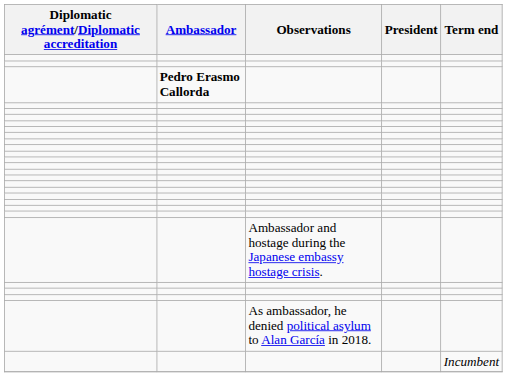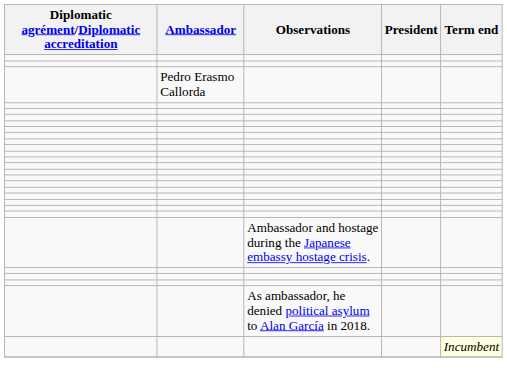 <table class="wikitable sortable">
 <tr>
 <th>Diplomatic <a href='#'>agrément</a>/<a href='#'>Diplomatic accreditation</a></th>
 <th><a href='#'>Ambassador</a></th>
 <th>Observations</th>
 <th>President</th>
 <th>Term end</th>
 </tr>
 <tr>
 <td></td>
 <td></td>
 <td></td>
 <td></td>
 <td></td>
 </tr>
 <tr>
 <td></td>
 <td></td>
 <td></td>
 <td></td>
 <td></td>
 </tr>
 <tr>
 <td></td>
-<td><strong>Pedro Erasmo Callorda</strong></td>
+<td>Pedro Erasmo Callorda</td>
 <td></td>
 <td></td>
 <td></td>
 </tr>
 <tr>
 <td></td>
 <td></td>
 <td></td>
 <td></td>
 <td></td>
 </tr>
 <tr>
 <td></td>
 <td></td>
 <td></td>
 <td></td>
 <td></td>
 </tr>
 <tr>
 <td></td>
 <td></td>
 <td></td>
 <td></td>
 <td></td>
 </tr>
 <tr>
 <td></td>
 <td></td>
 <td></td>
 <td></td>
 <td></td>
 </tr>
 <tr>
 <td></td>
 <td></td>
 <td></td>
 <td></td>
 <td></td>
 </tr>
 <tr>
 <td></td>
 <td></td>
 <td></td>
 <td></td>
 <td></td>
 </tr>
 <tr>
 <td></td>
 <td></td>
 <td></td>
 <td></td>
 <td></td>
 </tr>
 <tr>
 <td></td>
 <td></td>
 <td></td>
 <td></td>
 <td></td>
 </tr>
 <tr>
 <td></td>
 <td></td>
 <td></td>
 <td></td>
 <td></td>
 </tr>
 <tr>
 <td></td>
 <td></td>
 <td></td>
 <td></td>
 <td></td>
 </tr>
 <tr>
 <td></td>
 <td></td>
 <td></td>
 <td></td>
 <td></td>
 </tr>
 <tr>
 <td></td>
 <td></td>
 <td></td>
 <td></td>
 <td></td>
 </tr>
 <tr>
 <td></td>
 <td></td>
 <td></td>
 <td></td>
 <td></td>
 </tr>
 <tr>
 <td></td>
 <td></td>
 <td></td>
 <td></td>
 <td></td>
 </tr>
 <tr>
 <td></td>
 <td></td>
 <td></td>
 <td></td>
 <td></td>
 </tr>
 <tr>
 <td></td>
 <td></td>
 <td></td>
 <td></td>
 <td></td>
 </tr>
 <tr>
 <td></td>
 <td></td>
 <td></td>
 <td></td>
 <td></td>
 </tr>
 <tr>
 <td></td>
 <td></td>
 <td></td>
 <td></td>
 <td></td>
 </tr>
 <tr>
 <td></td>
 <td></td>
 <td></td>
 <td></td>
 <td></td>
 </tr>
 <tr>
 <td></td>
 <td></td>
 <td>Ambassador and hostage during the <a href='#'>Japanese embassy hostage crisis</a>.</td>
 <td></td>
 <td></td>
 </tr>
 <tr>
 <td></td>
 <td></td>
 <td></td>
 <td></td>
 <td></td>
 </tr>
 <tr>
 <td></td>
 <td></td>
 <td></td>
 <td></td>
 <td></td>
 </tr>
 <tr>
 <td></td>
 <td></td>
 <td></td>
 <td></td>
 <td></td>
 </tr>
 <tr>
 <td></td>
 <td></td>
 <td>As ambassador, he denied <a href='#'>political asylum</a> to <a href='#'>Alan García</a> in 2018.</td>
 <td></td>
 <td></td>
 </tr>
 <tr>
 <td></td>
 <td></td>
 <td></td>
 <td></td>
-<td><em>Incumbent</em></td>
+<td style="background: lightyellow;"><em>Incumbent</em></td>
 </tr>
 <tr>
 </tr>
 </table>
